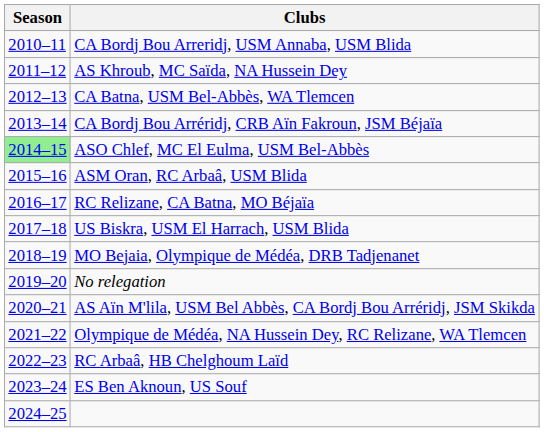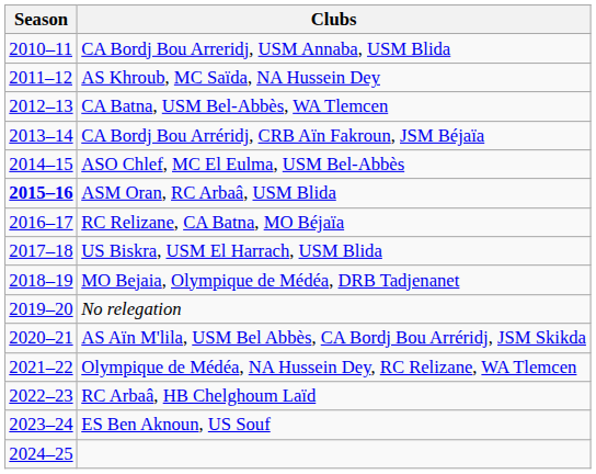 <table class="wikitable" style="text-align:left;">
 <tr>
 <th>Season</th>
 <th>Clubs</th>
 </tr>
 <tr>
 <td><a href='#'>2010–11</a></td>
 <td><a href='#'>CA Bordj Bou Arreridj</a>, <a href='#'>USM Annaba</a>, <a href='#'>USM Blida</a></td>
 </tr>
 <tr>
 <td><a href='#'>2011–12</a></td>
 <td><a href='#'>AS Khroub</a>, <a href='#'>MC Saïda</a>, <a href='#'>NA Hussein Dey</a></td>
 </tr>
 <tr>
 <td><a href='#'>2012–13</a></td>
 <td><a href='#'>CA Batna</a>, <a href='#'>USM Bel-Abbès</a>, <a href='#'>WA Tlemcen</a></td>
 </tr>
 <tr>
 <td><a href='#'>2013–14</a></td>
 <td><a href='#'>CA Bordj Bou Arréridj</a>, <a href='#'>CRB Aïn Fakroun</a>, <a href='#'>JSM Béjaïa</a></td>
 </tr>
 <tr>
-<td style="background: lightgreen;"><a href='#'>2014–15</a></td>
+<td><a href='#'>2014–15</a></td>
 <td><a href='#'>ASO Chlef</a>, <a href='#'>MC El Eulma</a>, <a href='#'>USM Bel-Abbès</a></td>
 </tr>
 <tr>
-<td><a href='#'>2015–16</a></td>
+<td><strong><a href='#'>2015–16</a></strong></td>
 <td><a href='#'>ASM Oran</a>, <a href='#'>RC Arbaâ</a>, <a href='#'>USM Blida</a></td>
 </tr>
 <tr>
 <td><a href='#'>2016–17</a></td>
 <td><a href='#'>RC Relizane</a>, <a href='#'>CA Batna</a>, <a href='#'>MO Béjaïa</a></td>
 </tr>
 <tr>
 <td><a href='#'>2017–18</a></td>
 <td><a href='#'>US Biskra</a>, <a href='#'>USM El Harrach</a>, <a href='#'>USM Blida</a></td>
 </tr>
 <tr>
 <td><a href='#'>2018–19</a></td>
 <td><a href='#'>MO Bejaia</a>, <a href='#'>Olympique de Médéa</a>, <a href='#'>DRB Tadjenanet</a></td>
 </tr>
 <tr>
 <td><a href='#'>2019–20</a></td>
 <td><em>No relegation</em></td>
 </tr>
 <tr>
 <td><a href='#'>2020–21</a></td>
 <td><a href='#'>AS Aïn M'lila</a>, <a href='#'>USM Bel Abbès</a>, <a href='#'>CA Bordj Bou Arréridj</a>, <a href='#'>JSM Skikda</a></td>
 </tr>
 <tr>
 <td><a href='#'>2021–22</a></td>
 <td><a href='#'>Olympique de Médéa</a>, <a href='#'>NA Hussein Dey</a>, <a href='#'>RC Relizane</a>, <a href='#'>WA Tlemcen</a></td>
 </tr>
 <tr>
 <td><a href='#'>2022–23</a></td>
 <td><a href='#'>RC Arbaâ</a>, <a href='#'>HB Chelghoum Laïd</a></td>
 </tr>
 <tr>
 <td><a href='#'>2023–24</a></td>
 <td><a href='#'>ES Ben Aknoun</a>, <a href='#'>US Souf</a></td>
 </tr>
 <tr>
 <td><a href='#'>2024–25</a></td>
 <td></td>
 </tr>
 </table>
